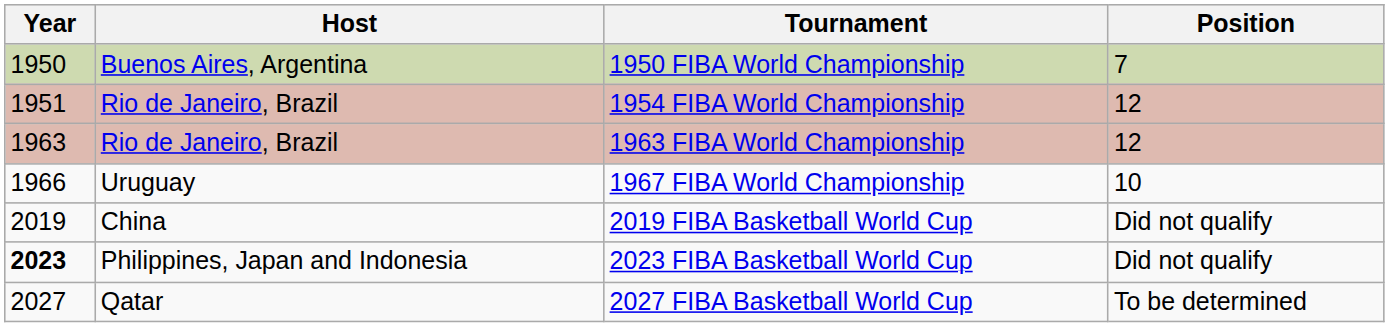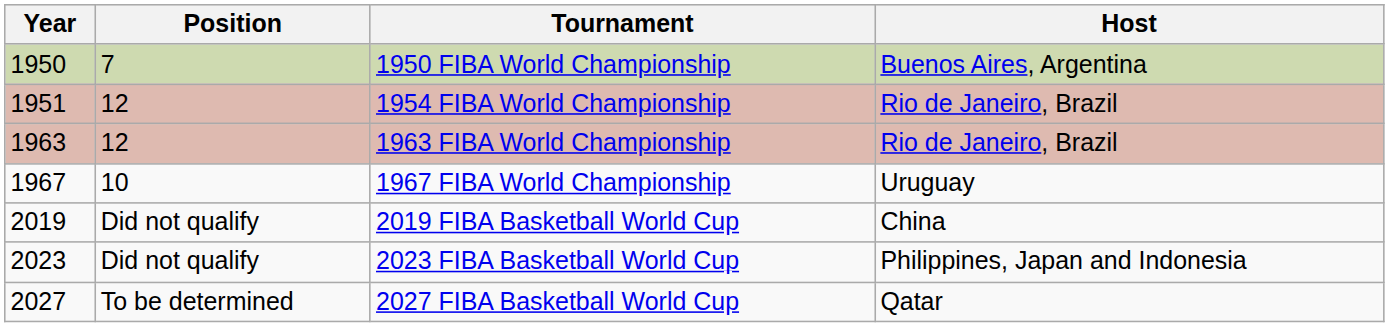 <table class="wikitable" style="width:70%;">
 <tr>
 <th>Year</th>
+<th>Position</th>
+<th>Tournament</th>
 <th>Host</th>
-<th>Tournament</th>
-<th>Position</th>
 </tr>
 <tr style="background:#CEDAB0">
 <td>1950</td>
+<td>7</td>
+<td><a href='#'>1950 FIBA World Championship</a></td>
 <td><a href='#'>Buenos Aires</a>, Argentina</td>
-<td><a href='#'>1950 FIBA World Championship</a></td>
-<td>7</td>
 </tr>
 <tr style="background:#DEBAB0">
 <td>1951</td>
+<td>12</td>
+<td><a href='#'>1954 FIBA World Championship</a></td>
 <td><a href='#'>Rio de Janeiro</a>, Brazil</td>
-<td><a href='#'>1954 FIBA World Championship</a></td>
-<td>12</td>
 </tr>
 <tr style="background:#DEBAB0">
 <td>1963</td>
+<td>12</td>
+<td><a href='#'>1963 FIBA World Championship</a></td>
 <td><a href='#'>Rio de Janeiro</a>, Brazil</td>
-<td><a href='#'>1963 FIBA World Championship</a></td>
-<td>12</td>
 </tr>
 <tr style="background:">
-<td>1966</td>
+<td>1967</td>
+<td>10</td>
+<td><a href='#'>1967 FIBA World Championship</a></td>
 <td>Uruguay</td>
-<td><a href='#'>1967 FIBA World Championship</a></td>
-<td>10</td>
 </tr>
 <tr style="background:">
 <td>2019</td>
+<td>Did not qualify</td>
+<td><a href='#'>2019 FIBA Basketball World Cup</a></td>
 <td>China</td>
-<td><a href='#'>2019 FIBA Basketball World Cup</a></td>
-<td>Did not qualify</td>
 </tr>
 <tr style="background:">
-<td><strong>2023</strong></td>
+<td>2023</td>
+<td>Did not qualify</td>
+<td><a href='#'>2023 FIBA Basketball World Cup</a></td>
 <td>Philippines, Japan and Indonesia</td>
-<td><a href='#'>2023 FIBA Basketball World Cup</a></td>
-<td>Did not qualify</td>
 </tr>
 <tr style="background:">
 <td>2027</td>
+<td>To be determined</td>
+<td><a href='#'>2027 FIBA Basketball World Cup</a></td>
 <td>Qatar</td>
-<td><a href='#'>2027 FIBA Basketball World Cup</a></td>
-<td>To be determined</td>
 </tr>
 </table>
